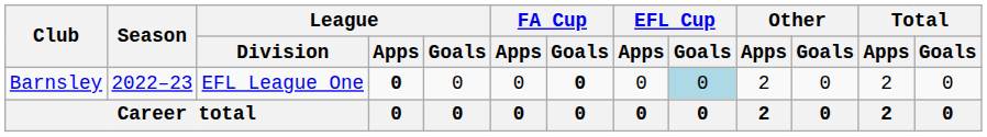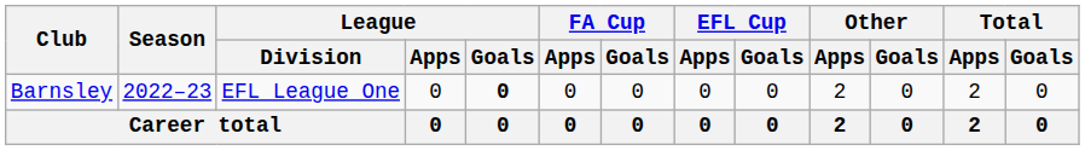 <table class="wikitable" style="text-align:center;">
 <tr>
 <th rowspan="2">Club</th>
 <th rowspan="2">Season</th>
 <th colspan="3">League</th>
 <th colspan="2"><a href='#'>FA Cup</a></th>
 <th colspan="2"><a href='#'>EFL Cup</a></th>
 <th colspan="2">Other</th>
 <th colspan="2">Total</th>
 </tr>
 <tr>
 <th>Division</th>
 <th>Apps</th>
 <th>Goals</th>
 <th>Apps</th>
 <th>Goals</th>
 <th>Apps</th>
 <th>Goals</th>
 <th>Apps</th>
 <th>Goals</th>
 <th>Apps</th>
 <th>Goals</th>
 </tr>
 <tr>
 <td><a href='#'>Barnsley</a></td>
 <td><a href='#'>2022–23</a></td>
 <td><a href='#'>EFL League One</a></td>
+<td>0</td>
 <td><strong>0</strong></td>
 <td>0</td>
 <td>0</td>
-<td><strong>0</strong></td>
 <td>0</td>
-<td style="background: lightblue;">0</td>
+<td>0</td>
 <td>2</td>
 <td>0</td>
 <td>2</td>
 <td>0</td>
 </tr>
 <tr>
 <th colspan="3">Career total</th>
 <th>0</th>
 <th>0</th>
 <th>0</th>
 <th>0</th>
 <th>0</th>
 <th>0</th>
 <th>2</th>
 <th>0</th>
 <th>2</th>
 <th>0</th>
 </tr>
 </table>
